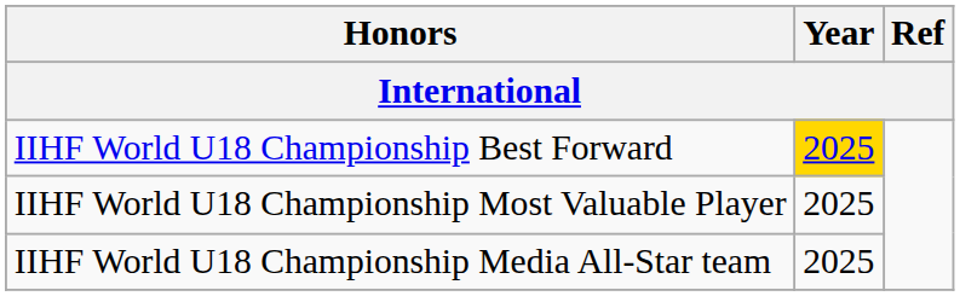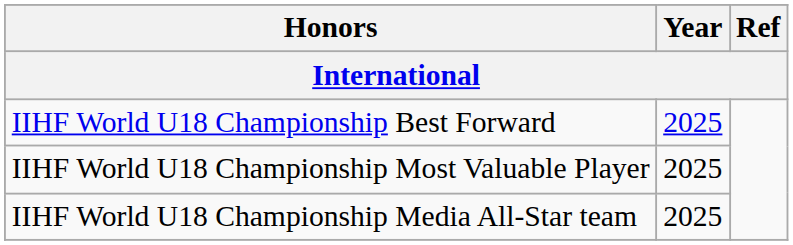 <table class="wikitable">
 <tr>
 <th>Honors</th>
 <th>Year</th>
 <th>Ref</th>
 </tr>
 <tr>
 <th colspan="3"><a href='#'>International</a></th>
 </tr>
 <tr>
 <td><a href='#'>IIHF World U18 Championship</a> Best Forward</td>
-<td style="background: gold;"><a href='#'>2025</a></td>
+<td><a href='#'>2025</a></td>
 <td rowspan="3"></td>
 </tr>
 <tr>
 <td>IIHF World U18 Championship Most Valuable Player</td>
 <td>2025</td>
 </tr>
 <tr>
 <td>IIHF World U18 Championship Media All-Star team</td>
 <td>2025</td>
 </tr>
 </table>
